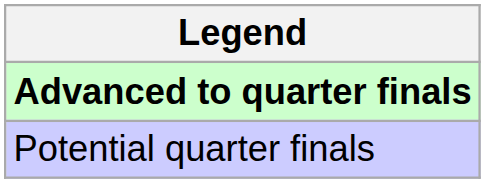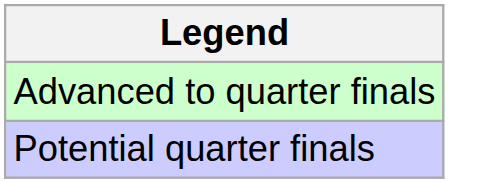 <table class="wikitable">
 <tr>
 <th>Legend</th>
 </tr>
 <tr bgcolor="ccffcc">
-<td><strong>Advanced to quarter finals</strong></td>
+<td>Advanced to quarter finals</td>
 </tr>
 <tr bgcolor="ccccff">
 <td>Potential quarter finals</td>
 </tr>
 </table>
